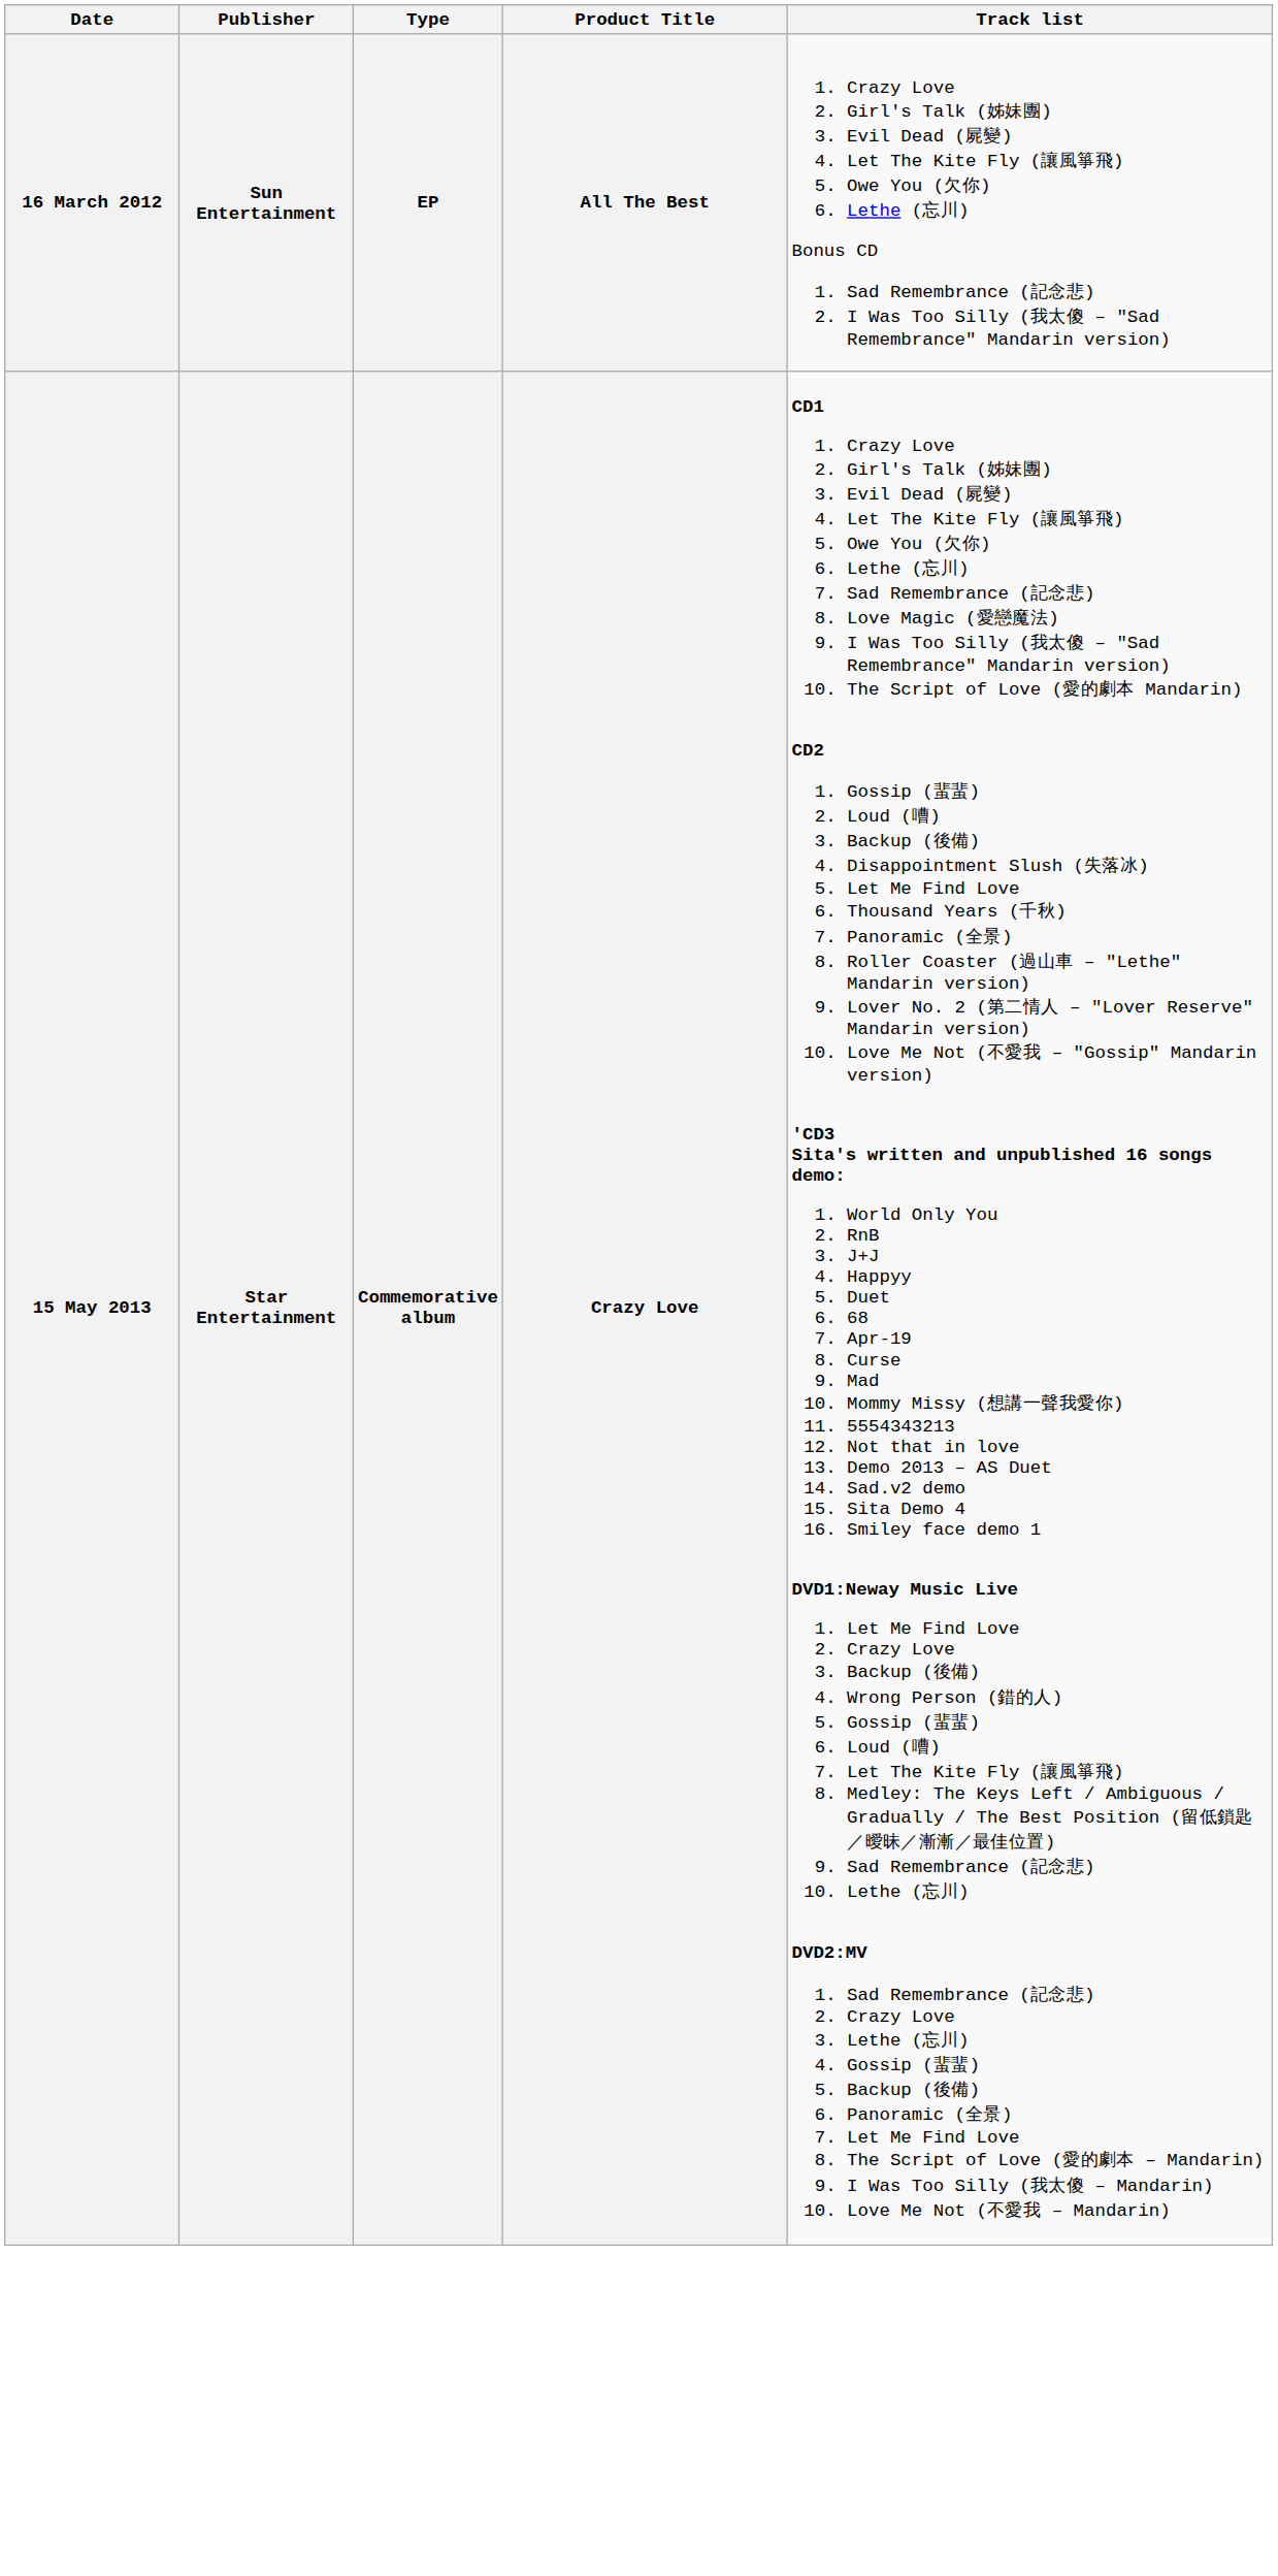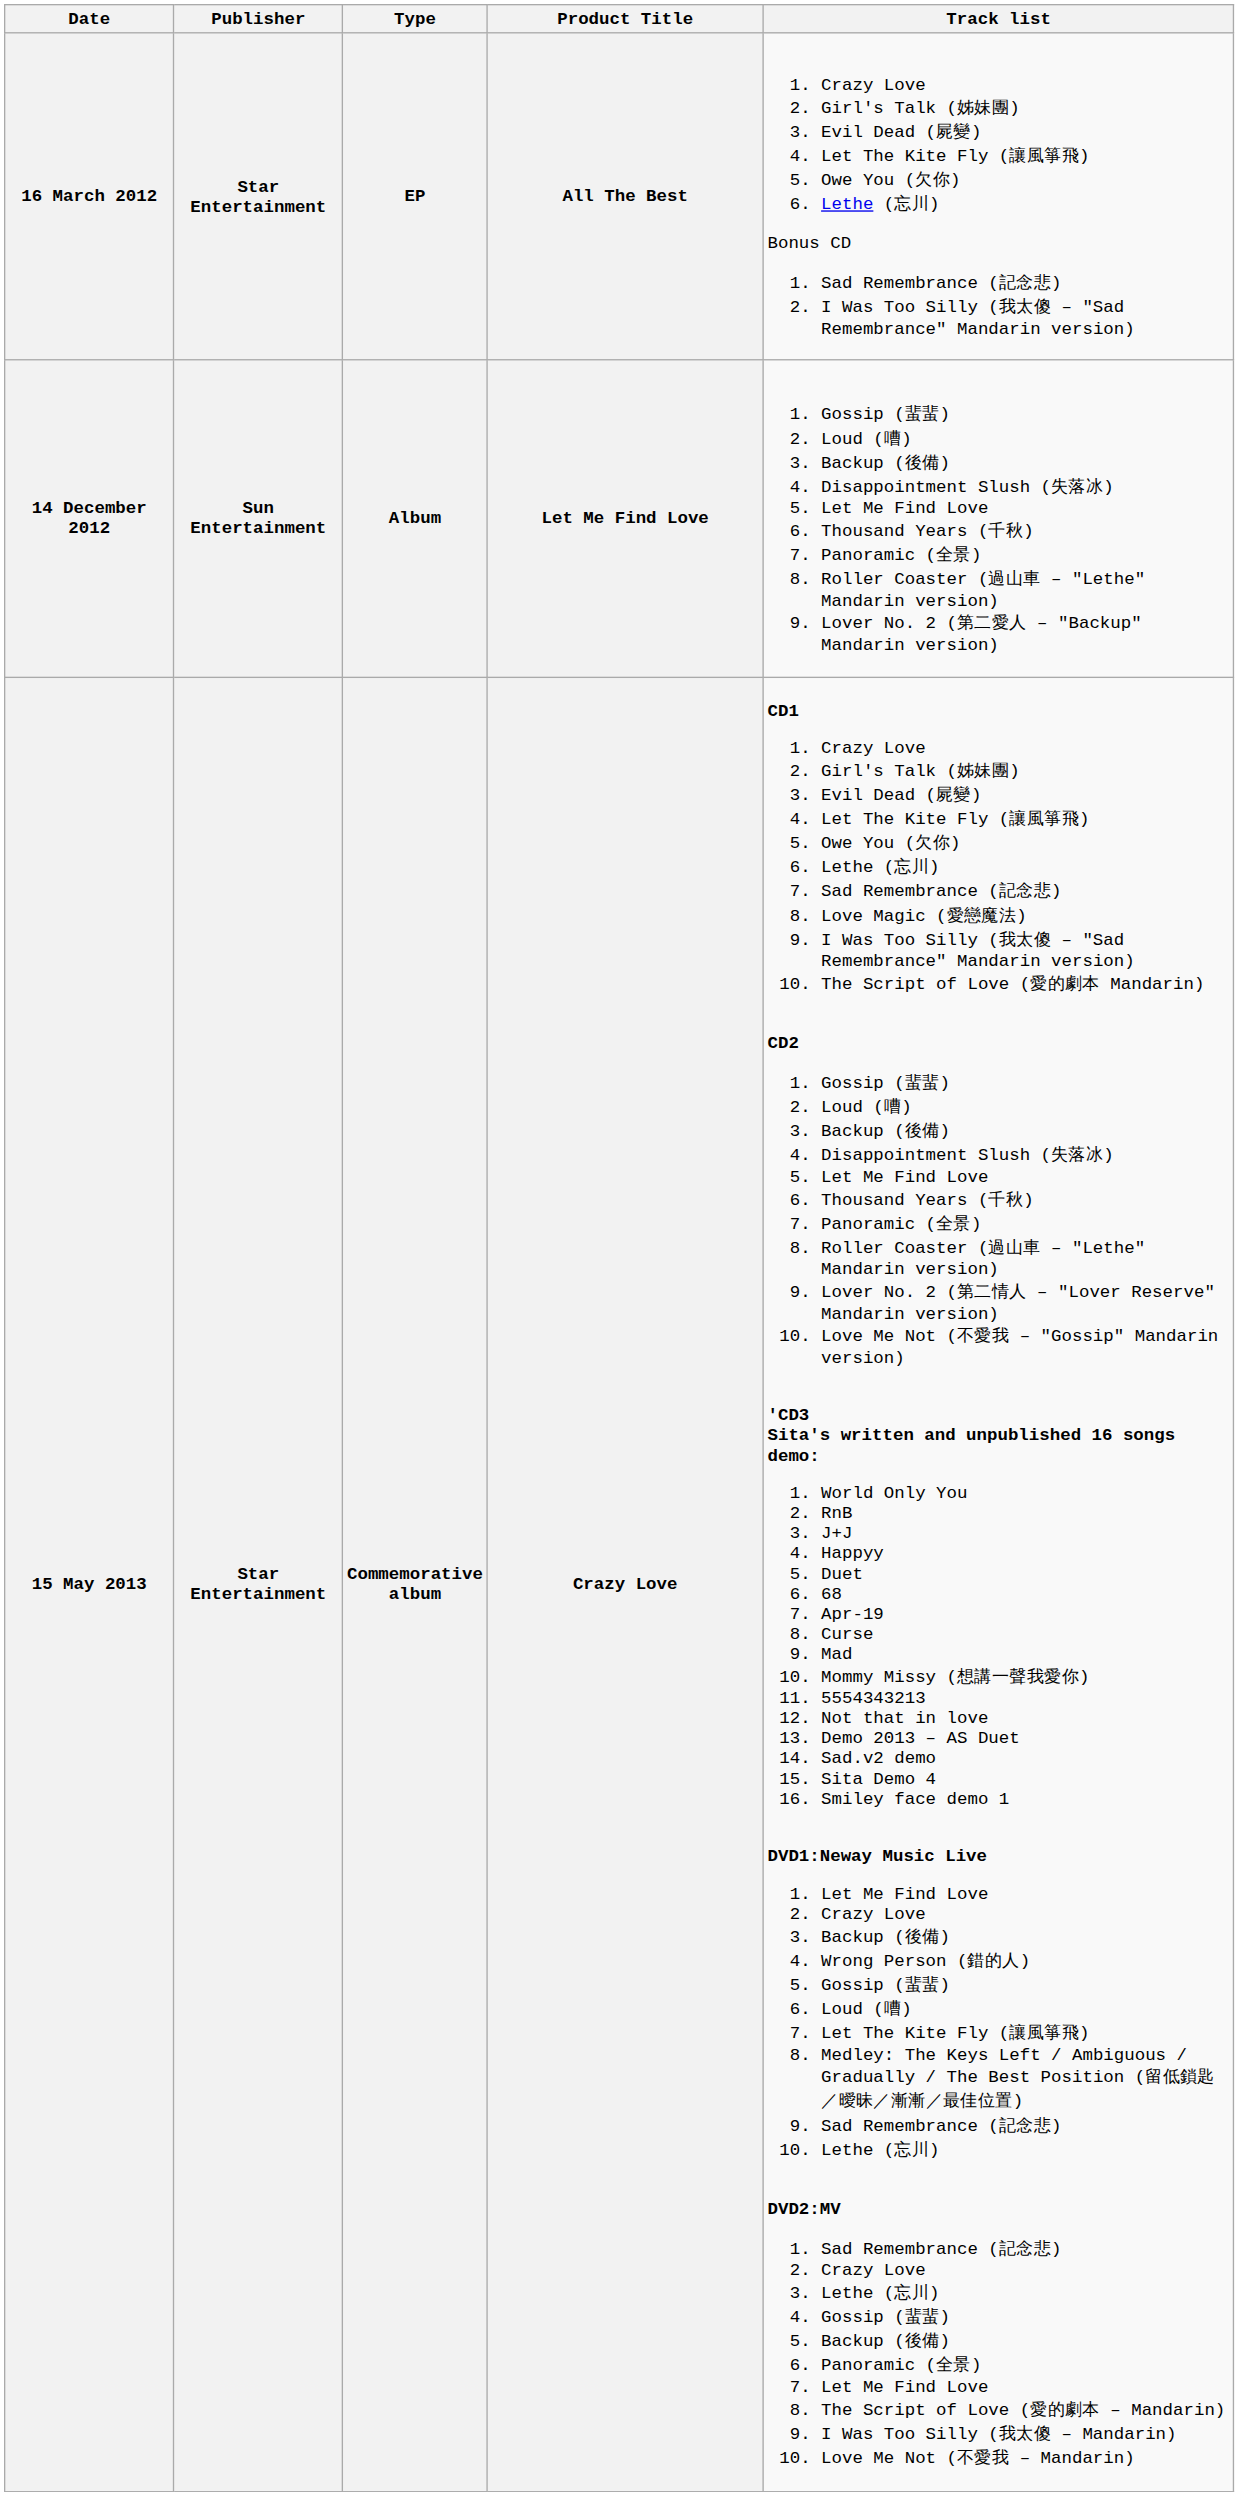 <table class="wikitable">
 <tr>
 <th align="Center" width="120px">Date</th>
 <th align="Center" width="120px">Publisher</th>
 <th align="Center" width="100px">Type</th>
 <th align="Center" width="200px">Product Title</th>
 <th align="Center" width="345px">Track list</th>
 </tr>
 <tr>
 <th>16 March 2012</th>
-<th>Sun Entertainment</th>
+<th>Star Entertainment</th>
 <th>EP</th>
 <th>All The Best</th>
 <td><br><ol><li>Crazy Love</li><li>Girl's Talk (姊妹團)</li><li>Evil Dead (屍變)</li><li>Let The Kite Fly (讓風箏飛)</li><li>Owe You (欠你)</li><li><a href='#'>Lethe</a> (忘川)</li></ol>Bonus CD<ol><li>Sad Remembrance (記念悲)</li><li>I Was Too Silly (我太傻 – "Sad Remembrance" Mandarin version)</li></ol></td>
+</tr>
+<tr>
+<th>14 December 2012</th>
+<th>Sun Entertainment</th>
+<th>Album</th>
+<th>Let Me Find Love</th>
+<td><br><ol><li>Gossip (蜚蜚)</li><li>Loud (嘈)</li><li>Backup (後備)</li><li>Disappointment Slush (失落冰)</li><li>Let Me Find Love</li><li>Thousand Years (千秋)</li><li>Panoramic (全景)</li><li>Roller Coaster (過山車 – "Lethe" Mandarin version)</li><li>Lover No. 2 (第二愛人 – "Backup" Mandarin version)</li></ol></td>
 </tr>
 <tr>
 <th>15 May 2013</th>
 <th>Star Entertainment</th>
 <th>Commemorative album</th>
 <th>Crazy Love</th>
 <td><br><strong>CD1</strong><ol><li>Crazy Love</li><li>Girl's Talk (姊妹團)</li><li>Evil Dead (屍變)</li><li>Let The Kite Fly (讓風箏飛)</li><li>Owe You (欠你)</li><li>Lethe (忘川)</li><li>Sad Remembrance (記念悲)</li><li>Love Magic (愛戀魔法)</li><li>I Was Too Silly (我太傻 – "Sad Remembrance" Mandarin version)</li><li>The Script of Love (愛的劇本 Mandarin)</li></ol><br> <strong>CD2</strong><ol><li>Gossip (蜚蜚)</li><li>Loud (嘈)</li><li>Backup (後備)</li><li>Disappointment Slush (失落冰)</li><li>Let Me Find Love</li><li>Thousand Years (千秋)</li><li>Panoramic (全景)</li><li>Roller Coaster (過山車 – "Lethe" Mandarin version)</li><li>Lover No. 2 (第二情人 – "Lover Reserve" Mandarin version)</li><li>Love Me Not (不愛我 – "Gossip" Mandarin version)</li></ol><br> <strong>'CD3</strong><br> <strong>Sita's written and unpublished 16 songs demo:</strong><ol><li>World Only You</li><li>RnB</li><li>J+J</li><li>Happyy</li><li>Duet</li><li>68</li><li>Apr-19</li><li>Curse</li><li>Mad</li><li>Mommy Missy (想講一聲我愛你)</li><li>5554343213</li><li>Not that in love</li><li>Demo 2013 – AS Duet</li><li>Sad.v2 demo</li><li>Sita Demo 4</li><li>Smiley face demo 1</li></ol><br> <strong>DVD1:Neway Music Live</strong><ol><li>Let Me Find Love</li><li>Crazy Love</li><li>Backup (後備)</li><li>Wrong Person (錯的人)</li><li>Gossip (蜚蜚)</li><li>Loud (嘈)</li><li>Let The Kite Fly (讓風箏飛)</li><li>Medley: The Keys Left / Ambiguous / Gradually / The Best Position (留低鎖匙／曖昧／漸漸／最佳位置)</li><li>Sad Remembrance (記念悲)</li><li>Lethe (忘川)</li></ol><br> <strong>DVD2:MV</strong><ol><li>Sad Remembrance (記念悲)</li><li>Crazy Love</li><li>Lethe (忘川)</li><li>Gossip (蜚蜚)</li><li>Backup (後備)</li><li>Panoramic (全景)</li><li>Let Me Find Love</li><li>The Script of Love (愛的劇本 – Mandarin)</li><li>I Was Too Silly (我太傻 – Mandarin)</li><li>Love Me Not (不愛我 – Mandarin)</li></ol></td>
 </tr>
 </table>
